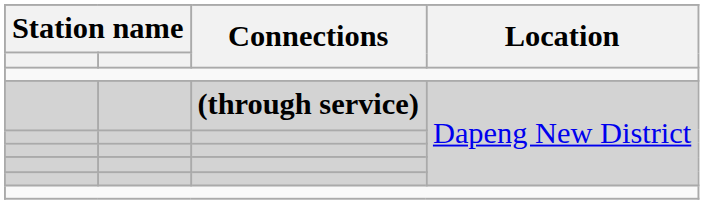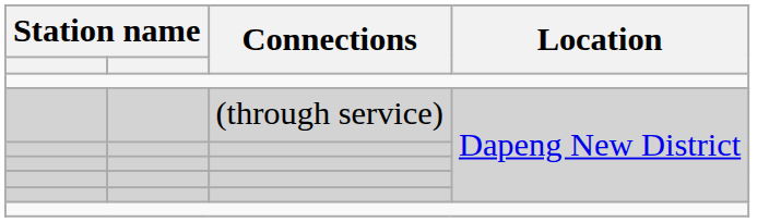 <table class="wikitable">
 <tr>
 <th colspan="2">Station name</th>
 <th rowspan="2">Connections</th>
 <th rowspan="2">Location</th>
 </tr>
 <tr>
 <th></th>
 <th></th>
 </tr>
 <tr style="background:#">
 <td colspan = "7"></td>
 </tr>
 <tr bgcolor="lightgrey">
 <td></td>
 <td></td>
-<td><strong>  (through service)</strong></td>
+<td>  (through service)</td>
 <td rowspan=5><a href='#'>Dapeng New District</a></td>
 </tr>
 <tr bgcolor="lightgrey">
 <td></td>
 <td></td>
 <td></td>
 </tr>
 <tr bgcolor="lightgrey">
 <td></td>
 <td></td>
 <td></td>
 </tr>
 <tr bgcolor="lightgrey">
 <td></td>
 <td></td>
 <td></td>
 </tr>
 <tr bgcolor="lightgrey">
 <td></td>
 <td></td>
 <td></td>
 </tr>
 <tr style="background:#">
 <td colspan = "7"></td>
 </tr>
 </table>
